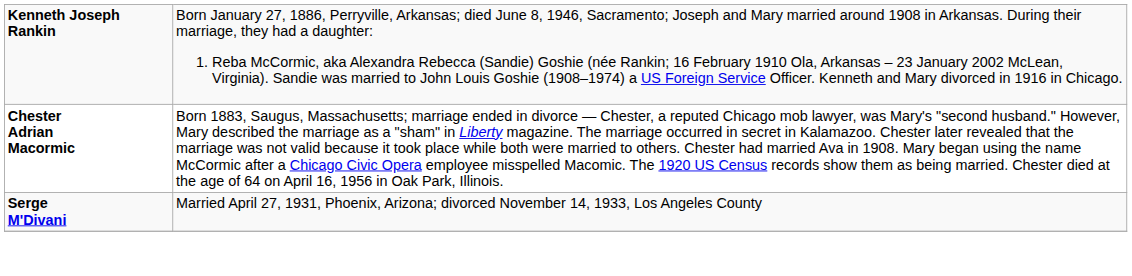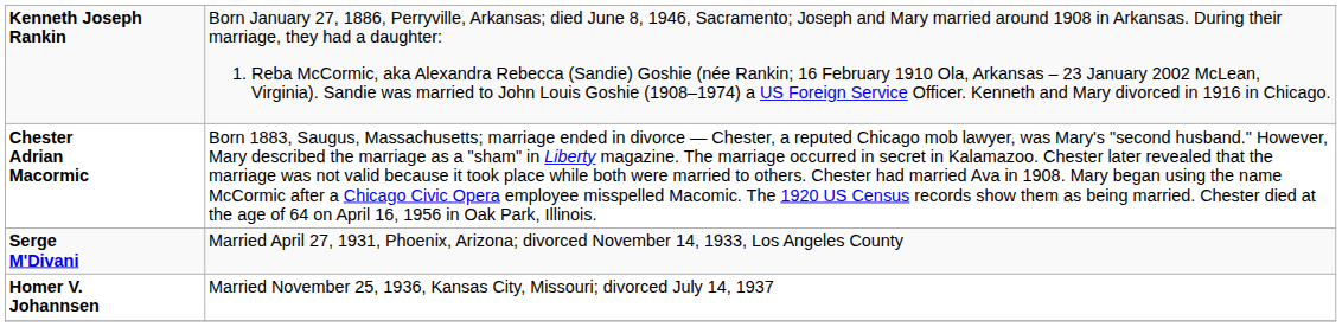 <table class="wikitable">
 <tr valign="top">
 <td width="15%"><strong>Kenneth Joseph<br>Rankin</strong></td>
 <td width="85%">Born January 27, 1886, Perryville, Arkansas; died June 8, 1946, Sacramento; Joseph and Mary married around 1908 in Arkansas. During their marriage, they had a daughter:<br><ol><li>Reba McCormic, aka Alexandra Rebecca (Sandie) Goshie (née Rankin; 16 February 1910 Ola, Arkansas – 23 January 2002 McLean, Virginia). Sandie was married to John Louis Goshie (1908–1974) a <a href='#'>US Foreign Service</a> Officer. Kenneth and Mary divorced in 1916 in Chicago.</li></ol></td>
 </tr>
 <tr valign="top">
 <td style="background-color:#FFFFFF"><strong>Chester<br>Adrian<br>Macormic</strong></td>
 <td style="background-color:#FFFFFF">Born  1883, Saugus, Massachusetts; marriage ended in divorce — Chester, a reputed Chicago mob lawyer, was Mary's "second husband." However, Mary described the marriage as a "sham" in <em><a href='#'>Liberty</a></em> magazine. The marriage occurred in secret in Kalamazoo. Chester later revealed that the marriage was not valid because it took place while both were married to others. Chester had married Ava in 1908. Mary began using the name McCormic after a <a href='#'>Chicago Civic Opera</a> employee misspelled Macomic. The <a href='#'>1920 US Census</a> records show them as being married. Chester died at the age of 64 on April 16, 1956 in Oak Park, Illinois.</td>
 </tr>
 <tr valign="top">
 <td><strong>Serge<br><a href='#'>M'Divani</a></strong></td>
 <td>Married April 27, 1931, Phoenix, Arizona; divorced November 14, 1933, Los Angeles County</td>
 </tr>
 <tr valign="top">
+<td style="background-color:#FFFFFF"><strong>Homer V.<br>Johannsen</strong></td>
+<td style="background-color:#FFFFFF">Married November 25, 1936, Kansas City, Missouri; divorced July 14, 1937</td>
+</tr>
+<tr valign="top">
 </tr>
 </table>
